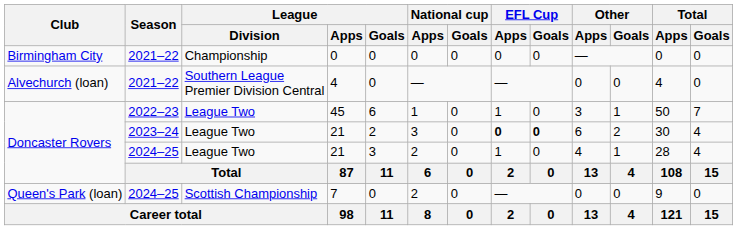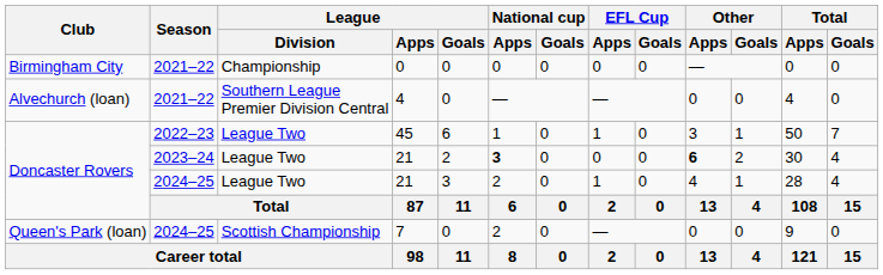 <table class="wikitable" style=text-"align: center;">
 <tr>
 <th rowspan="2">Club</th>
 <th rowspan="2">Season</th>
 <th colspan="3">League</th>
 <th colspan="2">National cup</th>
 <th colspan="2"><a href='#'>EFL Cup</a></th>
 <th colspan="2">Other</th>
 <th colspan="2">Total</th>
 </tr>
 <tr>
 <th>Division</th>
 <th>Apps</th>
 <th>Goals</th>
 <th>Apps</th>
 <th>Goals</th>
 <th>Apps</th>
 <th>Goals</th>
 <th>Apps</th>
 <th>Goals</th>
 <th>Apps</th>
 <th>Goals</th>
 </tr>
 <tr>
 <td><a href='#'>Birmingham City</a></td>
 <td><a href='#'>2021–22</a></td>
 <td>Championship</td>
 <td>0</td>
 <td>0</td>
 <td>0</td>
 <td>0</td>
 <td>0</td>
 <td>0</td>
 <td colspan="2">—</td>
 <td>0</td>
 <td>0</td>
 </tr>
 <tr>
 <td><a href='#'>Alvechurch</a> (loan)</td>
 <td><a href='#'>2021–22</a></td>
 <td><a href='#'>Southern League</a><br>Premier Division Central</td>
 <td>4</td>
 <td>0</td>
 <td colspan="2">—</td>
 <td colspan="2">—</td>
 <td>0</td>
 <td>0</td>
 <td>4</td>
 <td>0</td>
 </tr>
 <tr>
 <td rowspan="4"><a href='#'>Doncaster Rovers</a></td>
 <td><a href='#'>2022–23</a></td>
 <td><a href='#'>League Two</a></td>
 <td>45</td>
 <td>6</td>
 <td>1</td>
 <td>0</td>
 <td>1</td>
 <td>0</td>
 <td>3</td>
 <td>1</td>
 <td>50</td>
 <td>7</td>
 </tr>
 <tr>
 <td><a href='#'>2023–24</a></td>
 <td>League Two</td>
 <td>21</td>
 <td>2</td>
-<td>3</td>
+<td><strong>3</strong></td>
 <td>0</td>
-<td><strong>0</strong></td>
-<td><strong>0</strong></td>
-<td>6</td>
+<td>0</td>
+<td>0</td>
+<td><strong>6</strong></td>
 <td>2</td>
 <td>30</td>
 <td>4</td>
 </tr>
 <tr>
 <td><a href='#'>2024–25</a></td>
 <td>League Two</td>
 <td>21</td>
 <td>3</td>
 <td>2</td>
 <td>0</td>
 <td>1</td>
 <td>0</td>
 <td>4</td>
 <td>1</td>
 <td>28</td>
 <td>4</td>
 </tr>
 <tr>
 <th colspan="2">Total</th>
 <th>87</th>
 <th>11</th>
 <th>6</th>
 <th>0</th>
 <th>2</th>
 <th>0</th>
 <th>13</th>
 <th>4</th>
 <th>108</th>
 <th>15</th>
 </tr>
 <tr>
 <td><a href='#'>Queen's Park</a> (loan)</td>
 <td><a href='#'>2024–25</a></td>
 <td><a href='#'>Scottish Championship</a></td>
 <td>7</td>
 <td>0</td>
 <td>2</td>
 <td>0</td>
 <td colspan="2">—</td>
 <td>0</td>
 <td>0</td>
 <td>9</td>
 <td>0</td>
 </tr>
 <tr>
 <th colspan="3">Career total</th>
 <th>98</th>
 <th>11</th>
 <th>8</th>
 <th>0</th>
 <th>2</th>
 <th>0</th>
 <th>13</th>
 <th>4</th>
 <th>121</th>
 <th>15</th>
 </tr>
 </table>
